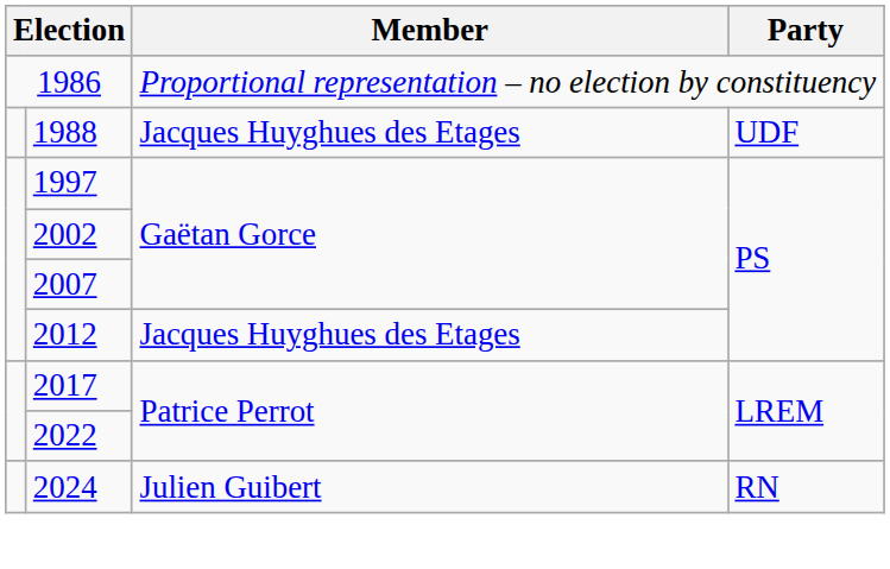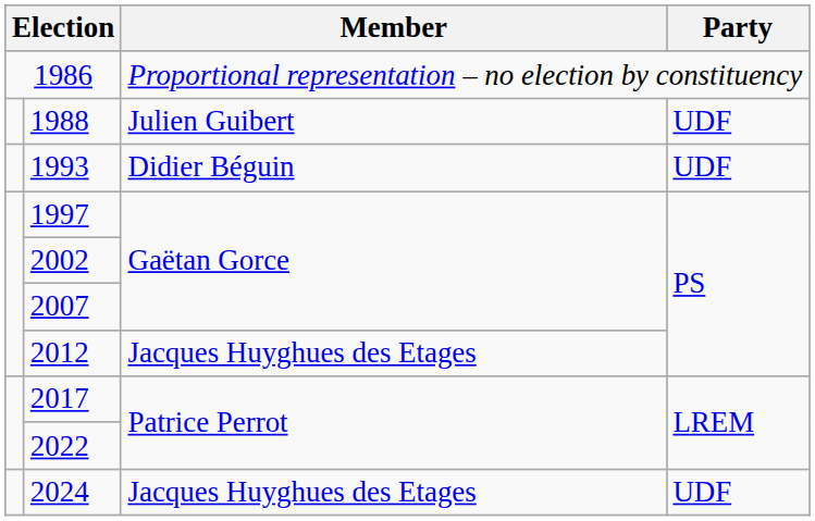 <table class="wikitable">
 <tr>
 <th colspan="2">Election</th>
 <th>Member</th>
 <th>Party</th>
 </tr>
 <tr>
 <td colspan="2" style="text-align:center;"><a href='#'>1986</a></td>
 <td colspan="2"><em><a href='#'>Proportional representation</a> – no election by constituency</em></td>
 </tr>
 <tr>
 <td style="color:inherit;background-color: "></td>
 <td><a href='#'>1988</a></td>
-<td><a href='#'>Jacques Huyghues des Etages</a></td>
+<td><a href='#'>Julien Guibert</a></td>
+<td><a href='#'>UDF</a></td>
+</tr>
+<tr>
+<td style="color:inherit;background-color: "></td>
+<td><a href='#'>1993</a></td>
+<td><a href='#'>Didier Béguin</a></td>
 <td><a href='#'>UDF</a></td>
 </tr>
 <tr>
 <td rowspan="4" style="background-color: "></td>
 <td><a href='#'>1997</a></td>
 <td rowspan="3"><a href='#'>Gaëtan Gorce</a></td>
 <td rowspan="4"><a href='#'>PS</a></td>
 </tr>
 <tr>
 <td><a href='#'>2002</a></td>
 </tr>
 <tr>
 <td><a href='#'>2007</a></td>
 </tr>
 <tr>
 <td><a href='#'>2012</a></td>
 <td><a href='#'>Jacques Huyghues des Etages</a></td>
 </tr>
 <tr>
 <td rowspan="2" style="color:inherit;background-color: "></td>
 <td><a href='#'>2017</a></td>
 <td rowspan="2"><a href='#'>Patrice Perrot</a></td>
 <td rowspan="2"><a href='#'>LREM</a></td>
 </tr>
 <tr>
 <td><a href='#'>2022</a></td>
 </tr>
 <tr>
 <td style="color:inherit;background-color: "></td>
 <td><a href='#'>2024</a></td>
-<td><a href='#'>Julien Guibert</a></td>
-<td><a href='#'>RN</a></td>
+<td><a href='#'>Jacques Huyghues des Etages</a></td>
+<td><a href='#'>UDF</a></td>
 </tr>
 </table>
